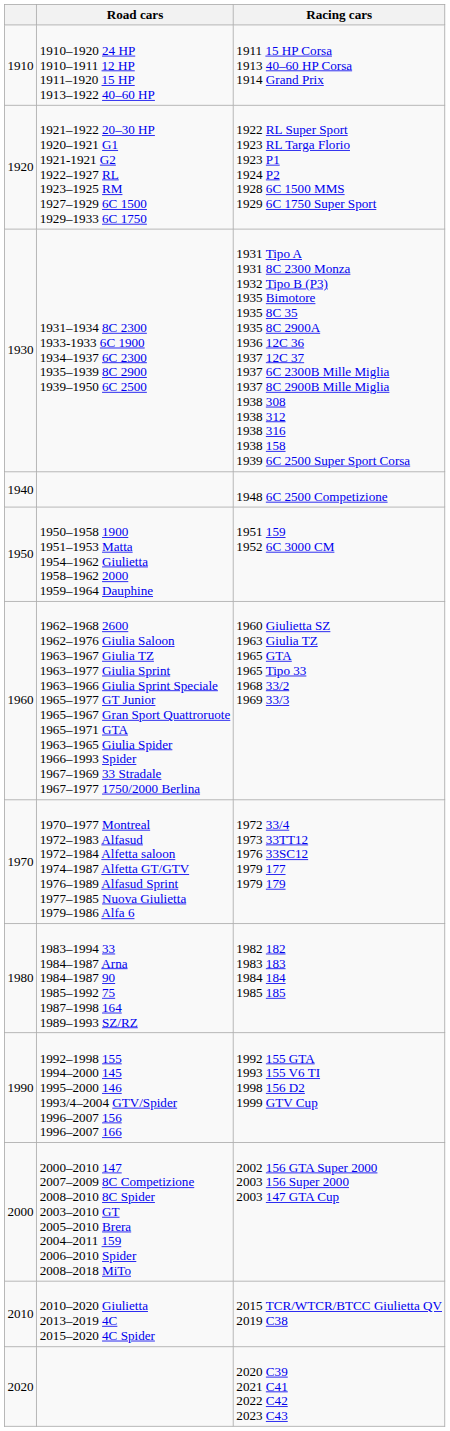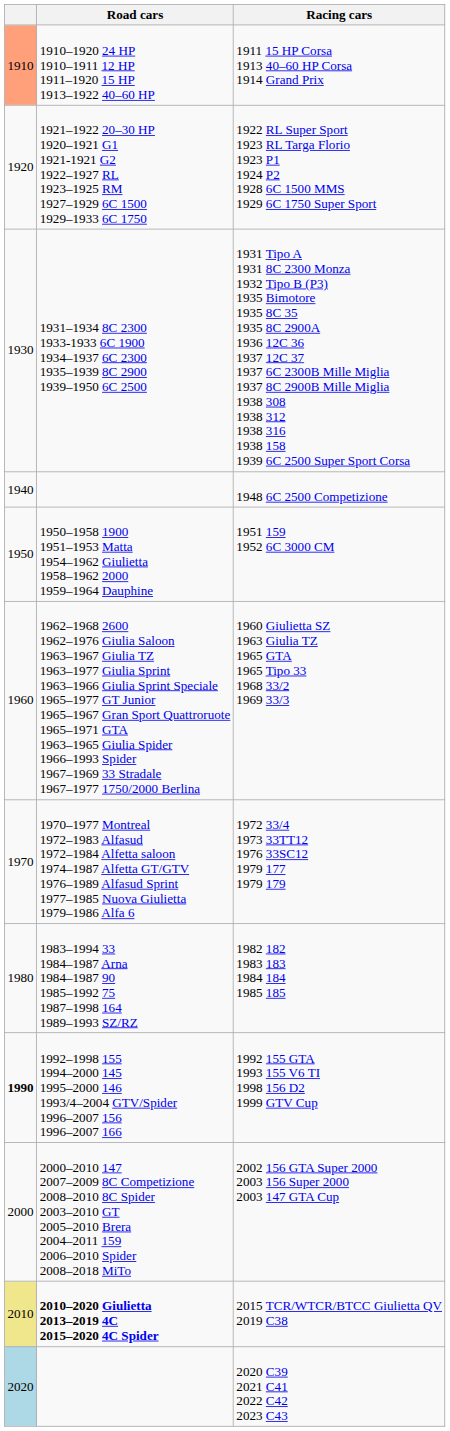 <table class="wikitable" style="border-width:0;">
 <tr>
 <th></th>
 <th align="left">Road cars</th>
 <th align="left">Racing cars</th>
 </tr>
 <tr>
-<td>1910</td>
+<td style="background: lightsalmon;">1910</td>
 <td><br>1910–1920 <a href='#'>24 HP</a><br> 1910–1911 <a href='#'>12 HP</a><br> 1911–1920 <a href='#'>15 HP</a><br> 1913–1922 <a href='#'>40–60 HP</a></td>
 <td style="vertical-align: top"><br>1911 <a href='#'>15 HP Corsa</a><br> 1913 <a href='#'>40–60 HP Corsa</a><br> 1914 <a href='#'>Grand Prix</a></td>
 </tr>
 <tr>
 <td>1920</td>
 <td><br>1921–1922 <a href='#'>20–30 HP</a><br> 1920–1921 <a href='#'>G1</a><br> 1921-1921 <a href='#'>G2</a><br> 1922–1927 <a href='#'>RL</a><br> 1923–1925 <a href='#'>RM</a><br> 1927–1929 <a href='#'>6C 1500</a><br> 1929–1933 <a href='#'>6C 1750</a></td>
 <td style="vertical-align: top"><br>1922 <a href='#'>RL Super Sport</a><br> 1923 <a href='#'>RL Targa Florio</a><br> 1923 <a href='#'>P1</a><br> 1924 <a href='#'>P2</a><br> 1928 <a href='#'>6C 1500 MMS</a><br> 1929 <a href='#'>6C 1750 Super Sport</a></td>
 </tr>
 <tr>
 <td>1930</td>
 <td><br>1931–1934 <a href='#'>8C 2300</a><br> 1933-1933 <a href='#'>6C 1900</a><br> 1934–1937 <a href='#'>6C 2300</a><br> 1935–1939 <a href='#'>8C 2900</a><br> 1939–1950 <a href='#'>6C 2500</a></td>
 <td style="vertical-align: top"><br>1931 <a href='#'>Tipo A</a><br> 1931 <a href='#'>8C 2300 Monza</a><br> 1932 <a href='#'>Tipo B (P3)</a><br> 1935 <a href='#'>Bimotore</a><br> 1935 <a href='#'>8C 35</a><br> 1935 <a href='#'>8C 2900A</a><br> 1936 <a href='#'>12C 36</a><br> 1937 <a href='#'>12C 37</a><br> 1937 <a href='#'>6C 2300B Mille Miglia</a><br> 1937 <a href='#'>8C 2900B Mille Miglia</a><br> 1938 <a href='#'>308</a><br> 1938 <a href='#'>312</a><br> 1938 <a href='#'>316</a><br> 1938 <a href='#'>158</a><br> 1939 <a href='#'>6C 2500 Super Sport Corsa</a></td>
 </tr>
 <tr>
 <td>1940</td>
 <td></td>
 <td style="vertical-align: top"><br>1948 <a href='#'>6C 2500 Competizione</a></td>
 </tr>
 <tr>
 <td>1950</td>
 <td><br>1950–1958 <a href='#'>1900</a><br> 1951–1953 <a href='#'>Matta</a><br> 1954–1962 <a href='#'>Giulietta</a><br> 1958–1962 <a href='#'>2000</a><br> 1959–1964 <a href='#'>Dauphine</a></td>
 <td style="vertical-align: top"><br>1951 <a href='#'>159</a><br> 1952 <a href='#'>6C 3000 CM</a></td>
 </tr>
 <tr>
 <td>1960</td>
 <td><br>1962–1968 <a href='#'>2600</a><br> 1962–1976 <a href='#'>Giulia Saloon</a><br> 1963–1967 <a href='#'>Giulia TZ</a><br> 1963–1977 <a href='#'>Giulia Sprint</a><br> 1963–1966 <a href='#'>Giulia Sprint Speciale</a><br>1965–1977 <a href='#'>GT Junior</a><br> 1965–1967 <a href='#'>Gran Sport Quattroruote</a><br> 1965–1971 <a href='#'>GTA</a><br> 1963–1965 <a href='#'>Giulia Spider</a><br> 1966–1993 <a href='#'>Spider</a><br> 1967–1969 <a href='#'>33 Stradale</a><br> 1967–1977 <a href='#'>1750/2000 Berlina</a></td>
 <td style="vertical-align: top"><br>1960 <a href='#'>Giulietta SZ</a><br> 1963 <a href='#'>Giulia TZ</a><br> 1965 <a href='#'>GTA</a><br> 1965 <a href='#'>Tipo 33</a><br> 1968 <a href='#'>33/2</a><br> 1969 <a href='#'>33/3</a></td>
 </tr>
 <tr>
 <td>1970</td>
 <td><br>1970–1977 <a href='#'>Montreal</a><br> 1972–1983 <a href='#'>Alfasud</a><br> 1972–1984 <a href='#'>Alfetta saloon</a><br> 1974–1987 <a href='#'>Alfetta GT/GTV</a><br> 1976–1989 <a href='#'>Alfasud Sprint</a><br> 1977–1985 <a href='#'>Nuova Giulietta</a><br> 1979–1986 <a href='#'>Alfa 6</a></td>
 <td style="vertical-align: top"><br>1972 <a href='#'>33/4</a><br> 1973 <a href='#'>33TT12</a><br> 1976 <a href='#'>33SC12</a><br> 1979 <a href='#'>177</a><br> 1979 <a href='#'>179</a></td>
 </tr>
 <tr>
 <td>1980</td>
 <td><br>1983–1994 <a href='#'>33</a><br> 1984–1987 <a href='#'>Arna</a><br> 1984–1987 <a href='#'>90</a><br> 1985–1992 <a href='#'>75</a><br> 1987–1998 <a href='#'>164</a><br> 1989–1993 <a href='#'>SZ/RZ</a></td>
 <td style="vertical-align: top"><br>1982 <a href='#'>182</a><br> 1983 <a href='#'>183</a><br> 1984 <a href='#'>184</a><br> 1985 <a href='#'>185</a></td>
 </tr>
 <tr>
-<td>1990</td>
+<td><strong>1990</strong></td>
 <td><br>1992–1998 <a href='#'>155</a><br> 1994–2000 <a href='#'>145</a><br> 1995–2000 <a href='#'>146</a><br> 1993/4–2004 <a href='#'>GTV/Spider</a><br> 1996–2007 <a href='#'>156</a><br> 1996–2007 <a href='#'>166</a></td>
 <td style="vertical-align: top"><br>1992 <a href='#'>155 GTA</a><br> 1993 <a href='#'>155 V6 TI</a><br> 1998 <a href='#'>156 D2</a><br> 1999 <a href='#'>GTV Cup</a><br></td>
 </tr>
 <tr>
 <td>2000</td>
 <td><br>2000–2010 <a href='#'>147</a><br> 2007–2009 <a href='#'>8C Competizione</a><br> 2008–2010 <a href='#'>8C Spider</a><br> 2003–2010 <a href='#'>GT</a><br> 2005–2010 <a href='#'>Brera</a><br> 2004–2011 <a href='#'>159</a><br> 2006–2010 <a href='#'>Spider</a><br> 2008–2018 <a href='#'>MiTo</a><br></td>
 <td style="vertical-align: top"><br>2002 <a href='#'>156 GTA Super 2000</a><br> 2003 <a href='#'>156 Super 2000</a><br> 2003 <a href='#'>147 GTA Cup</a></td>
 </tr>
 <tr>
-<td>2010</td>
-<td><br>2010–2020 <a href='#'>Giulietta</a><br> 2013–2019 <a href='#'>4C</a><br> 2015–2020 <a href='#'>4C Spider</a><br></td>
+<td style="background: khaki;">2010</td>
+<td><strong><br>2010–2020 <a href='#'>Giulietta</a><br> 2013–2019 <a href='#'>4C</a><br> 2015–2020 <a href='#'>4C Spider</a><br></strong></td>
 <td style="vertical-align: top"><br>2015 <a href='#'>TCR/WTCR/BTCC Giulietta QV</a><br> 2019 <a href='#'>C38</a><br></td>
 </tr>
 <tr>
-<td>2020</td>
+<td style="background: lightblue;">2020</td>
 <td></td>
 <td style="vertical-align: top"><br>2020 <a href='#'>C39</a><br> 2021 <a href='#'>C41</a><br> 2022 <a href='#'>C42</a><br> 2023 <a href='#'>C43</a></td>
 </tr>
 </table>
